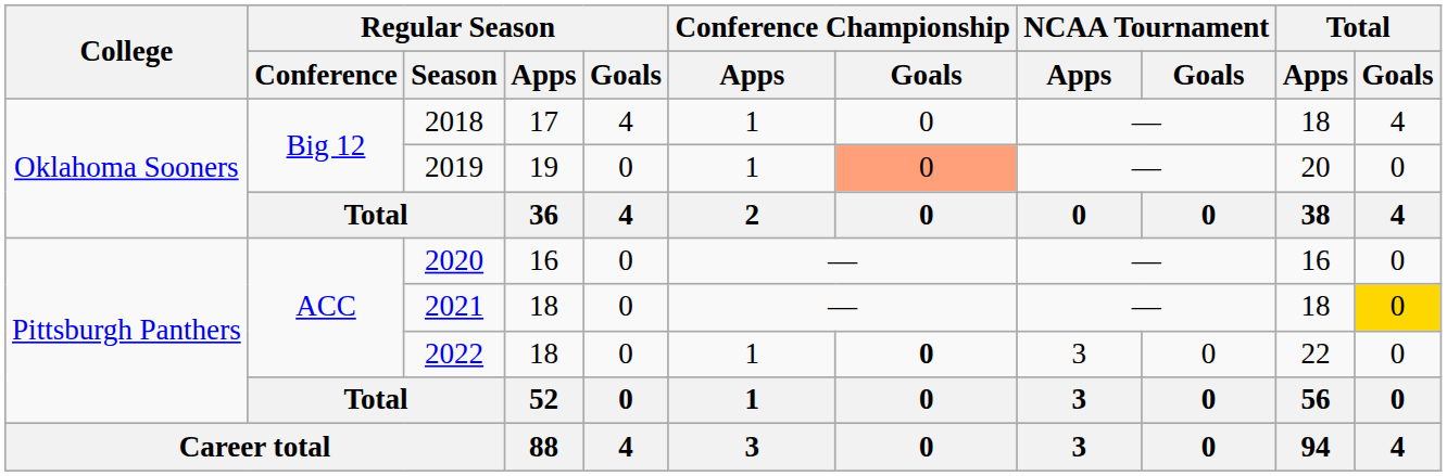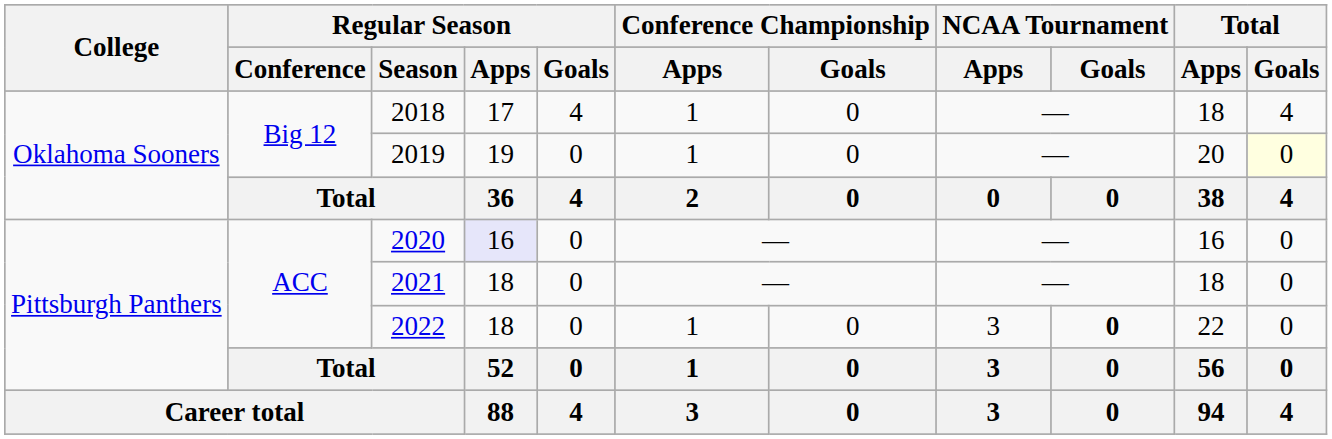 <table class="wikitable" style="text-align: center;">
 <tr>
 <th rowspan="2">College</th>
 <th colspan="4">Regular Season</th>
 <th colspan="2">Conference Championship</th>
 <th colspan="2">NCAA Tournament</th>
 <th colspan="2">Total</th>
 </tr>
 <tr>
 <th>Conference</th>
 <th>Season</th>
 <th>Apps</th>
 <th>Goals</th>
 <th>Apps</th>
 <th>Goals</th>
 <th>Apps</th>
 <th>Goals</th>
 <th>Apps</th>
 <th>Goals</th>
 </tr>
 <tr>
 <td rowspan="3"><a href='#'>Oklahoma Sooners</a></td>
 <td rowspan="2"><a href='#'>Big 12</a></td>
 <td>2018</td>
 <td>17</td>
 <td>4</td>
 <td>1</td>
 <td>0</td>
 <td colspan="2">—</td>
 <td>18</td>
 <td>4</td>
 </tr>
 <tr>
 <td>2019</td>
 <td>19</td>
 <td>0</td>
 <td>1</td>
-<td style="background: lightsalmon;">0</td>
+<td>0</td>
 <td colspan="2">—</td>
 <td>20</td>
-<td>0</td>
+<td style="background: lightyellow;">0</td>
 </tr>
 <tr>
 <th colspan="2">Total</th>
 <th>36</th>
 <th>4</th>
 <th>2</th>
 <th>0</th>
 <th>0</th>
 <th>0</th>
 <th>38</th>
 <th>4</th>
 </tr>
 <tr>
 <td rowspan="4"><a href='#'>Pittsburgh Panthers</a></td>
 <td rowspan="3"><a href='#'>ACC</a></td>
 <td><a href='#'>2020</a></td>
-<td>16</td>
+<td style="background: lavender;">16</td>
 <td>0</td>
 <td colspan="2">—</td>
 <td colspan="2">—</td>
 <td>16</td>
 <td>0</td>
 </tr>
 <tr>
 <td><a href='#'>2021</a></td>
 <td>18</td>
 <td>0</td>
 <td colspan="2">—</td>
 <td colspan="2">—</td>
 <td>18</td>
-<td style="background: gold;">0</td>
+<td>0</td>
 </tr>
 <tr>
 <td><a href='#'>2022</a></td>
 <td>18</td>
 <td>0</td>
 <td>1</td>
+<td>0</td>
+<td>3</td>
 <td><strong>0</strong></td>
-<td>3</td>
-<td>0</td>
 <td>22</td>
 <td>0</td>
 </tr>
 <tr>
 <th colspan="2">Total</th>
 <th>52</th>
 <th>0</th>
 <th>1</th>
 <th>0</th>
 <th>3</th>
 <th>0</th>
 <th>56</th>
 <th>0</th>
 </tr>
 <tr>
 <th colspan="3">Career total</th>
 <th>88</th>
 <th>4</th>
 <th>3</th>
 <th>0</th>
 <th>3</th>
 <th>0</th>
 <th>94</th>
 <th>4</th>
 </tr>
 </table>
